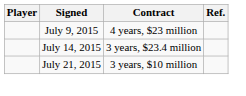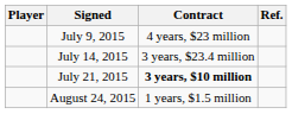 <table class="wikitable sortable sortable" style="text-align: center;">
 <tr>
 <th>Player</th>
 <th>Signed</th>
 <th>Contract</th>
 <th>Ref.</th>
 </tr>
 <tr>
 <td></td>
 <td>July 9, 2015</td>
 <td>4 years, $23 million</td>
 <td></td>
 </tr>
 <tr>
 <td></td>
 <td>July 14, 2015</td>
 <td>3 years, $23.4 million</td>
 <td></td>
 </tr>
 <tr>
 <td></td>
 <td>July 21, 2015</td>
-<td>3 years, $10 million</td>
+<td><strong>3 years, $10 million</strong></td>
+<td></td>
+</tr>
+<tr>
+<td></td>
+<td>August 24, 2015</td>
+<td>1 years, $1.5 million</td>
 <td></td>
 </tr>
 </table>
